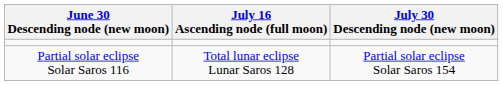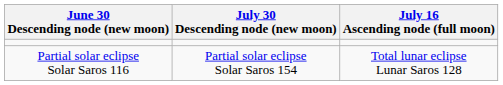 <table class="wikitable">
 <tr>
 <th><a href='#'>June 30</a><br>Descending node (new moon)</th>
+<th><a href='#'>July 30</a><br>Descending node (new moon)</th>
 <th><a href='#'>July 16</a><br>Ascending node (full moon)</th>
-<th><a href='#'>July 30</a><br>Descending node (new moon)</th>
 </tr>
 <tr>
 <td></td>
 <td></td>
 <td></td>
 </tr>
 <tr align=center>
 <td><a href='#'>Partial solar eclipse</a><br>Solar Saros 116</td>
+<td><a href='#'>Partial solar eclipse</a><br>Solar Saros 154</td>
 <td><a href='#'>Total lunar eclipse</a><br>Lunar Saros 128</td>
-<td><a href='#'>Partial solar eclipse</a><br>Solar Saros 154</td>
 </tr>
 </table>
